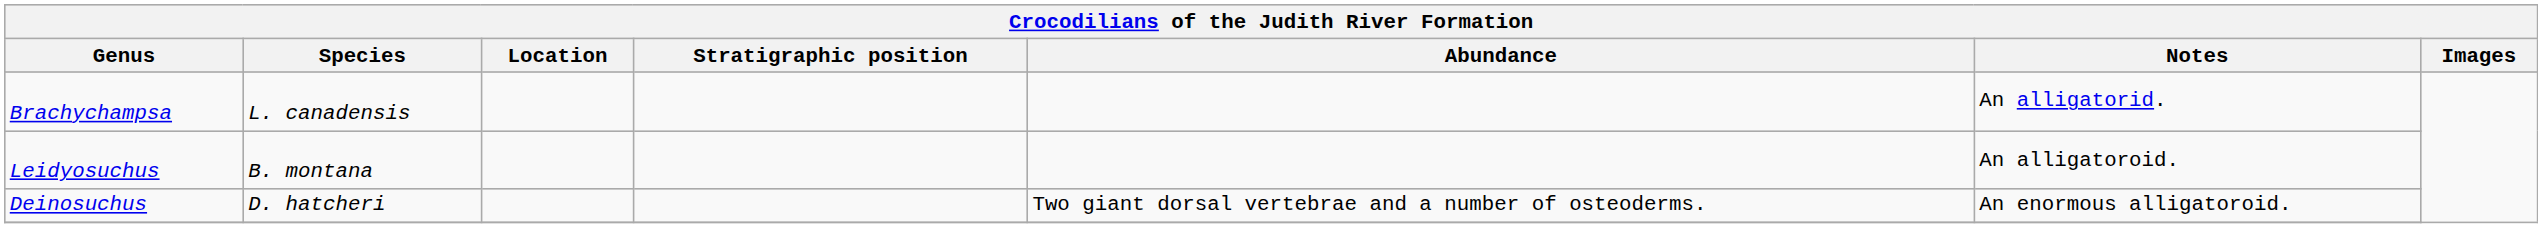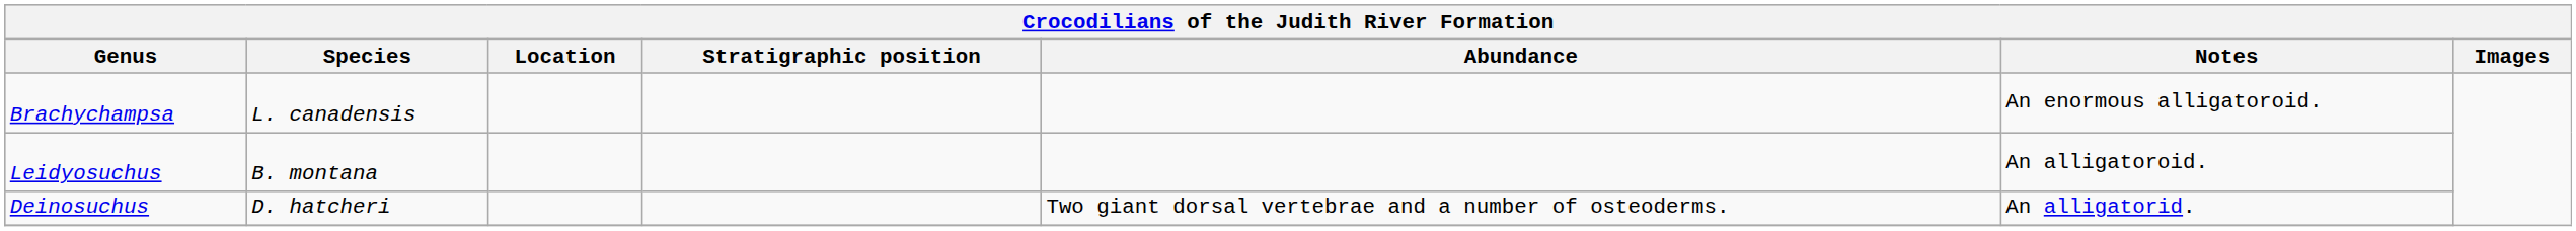 <table class="wikitable" align="center" width="100%">
 <tr>
 <th colspan="8" align="center"><strong><a href='#'>Crocodilians</a> of the Judith River Formation</strong></th>
 </tr>
 <tr>
 <th>Genus</th>
 <th>Species</th>
 <th>Location</th>
 <th>Stratigraphic position</th>
 <th>Abundance</th>
 <th>Notes</th>
 <th>Images</th>
 </tr>
 <tr>
 <td><br><em><a href='#'>Brachychampsa</a></em></td>
 <td><br><em>L. canadensis</em></td>
 <td></td>
 <td></td>
 <td></td>
-<td>An <a href='#'>alligatorid</a>.</td>
+<td>An enormous alligatoroid.</td>
 <td rowspan="21"><br> </td>
 </tr>
 <tr>
 <td><br><em><a href='#'>Leidyosuchus</a></em></td>
 <td><br><em>B. montana</em></td>
 <td></td>
 <td></td>
 <td></td>
 <td>An alligatoroid.</td>
 </tr>
 <tr>
 <td><em><a href='#'>Deinosuchus</a></em></td>
 <td><em>D. hatcheri</em></td>
 <td></td>
 <td></td>
 <td>Two giant dorsal vertebrae and a number of osteoderms.</td>
-<td>An enormous alligatoroid.</td>
+<td>An <a href='#'>alligatorid</a>.</td>
 </tr>
 <tr>
 </tr>
 </table>
